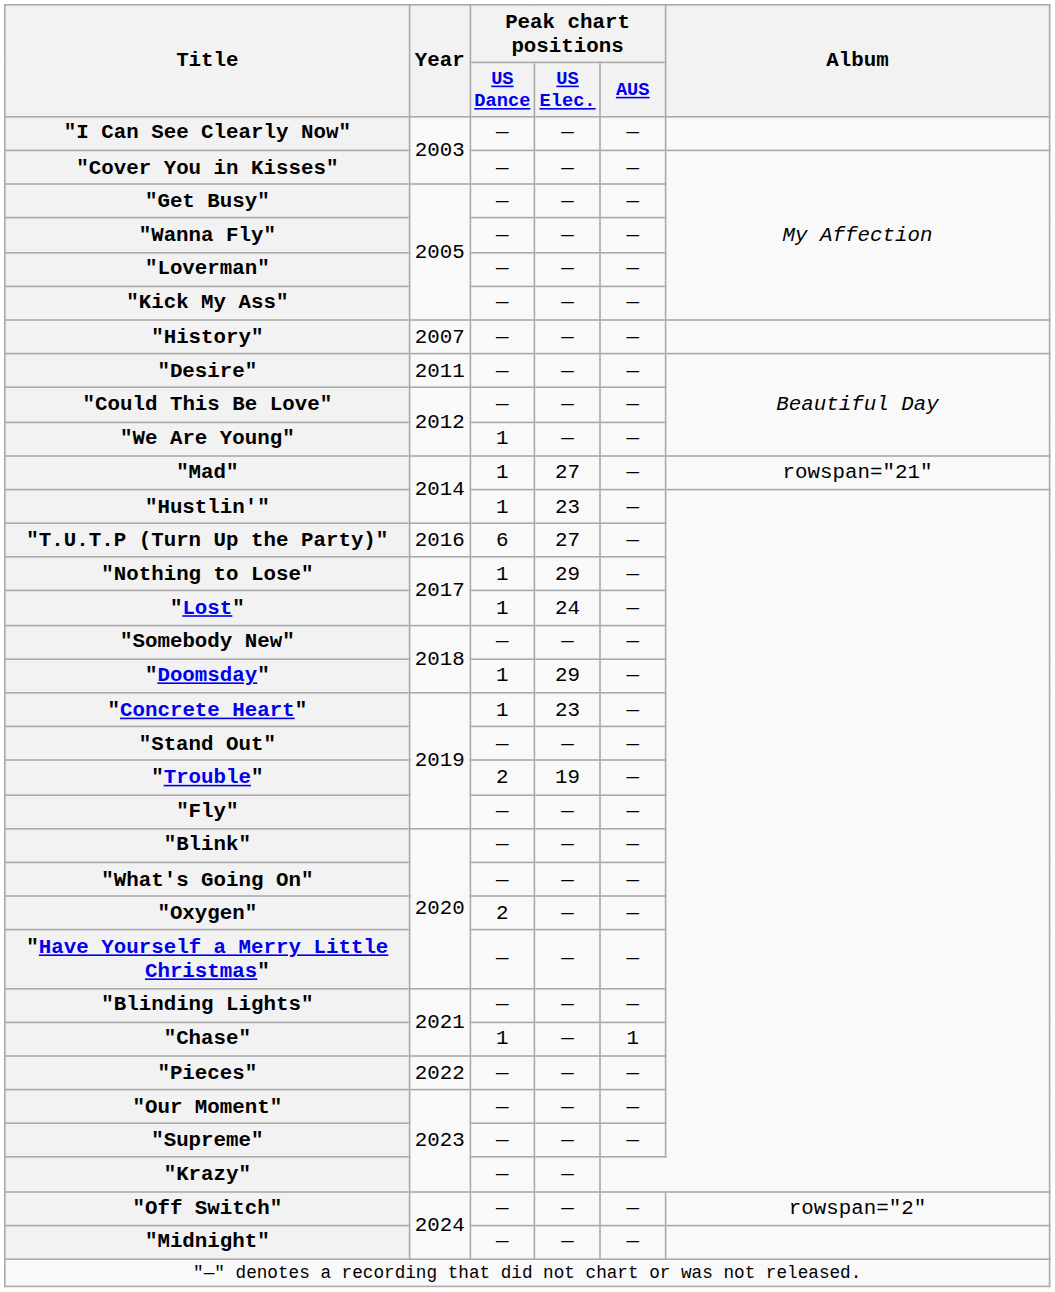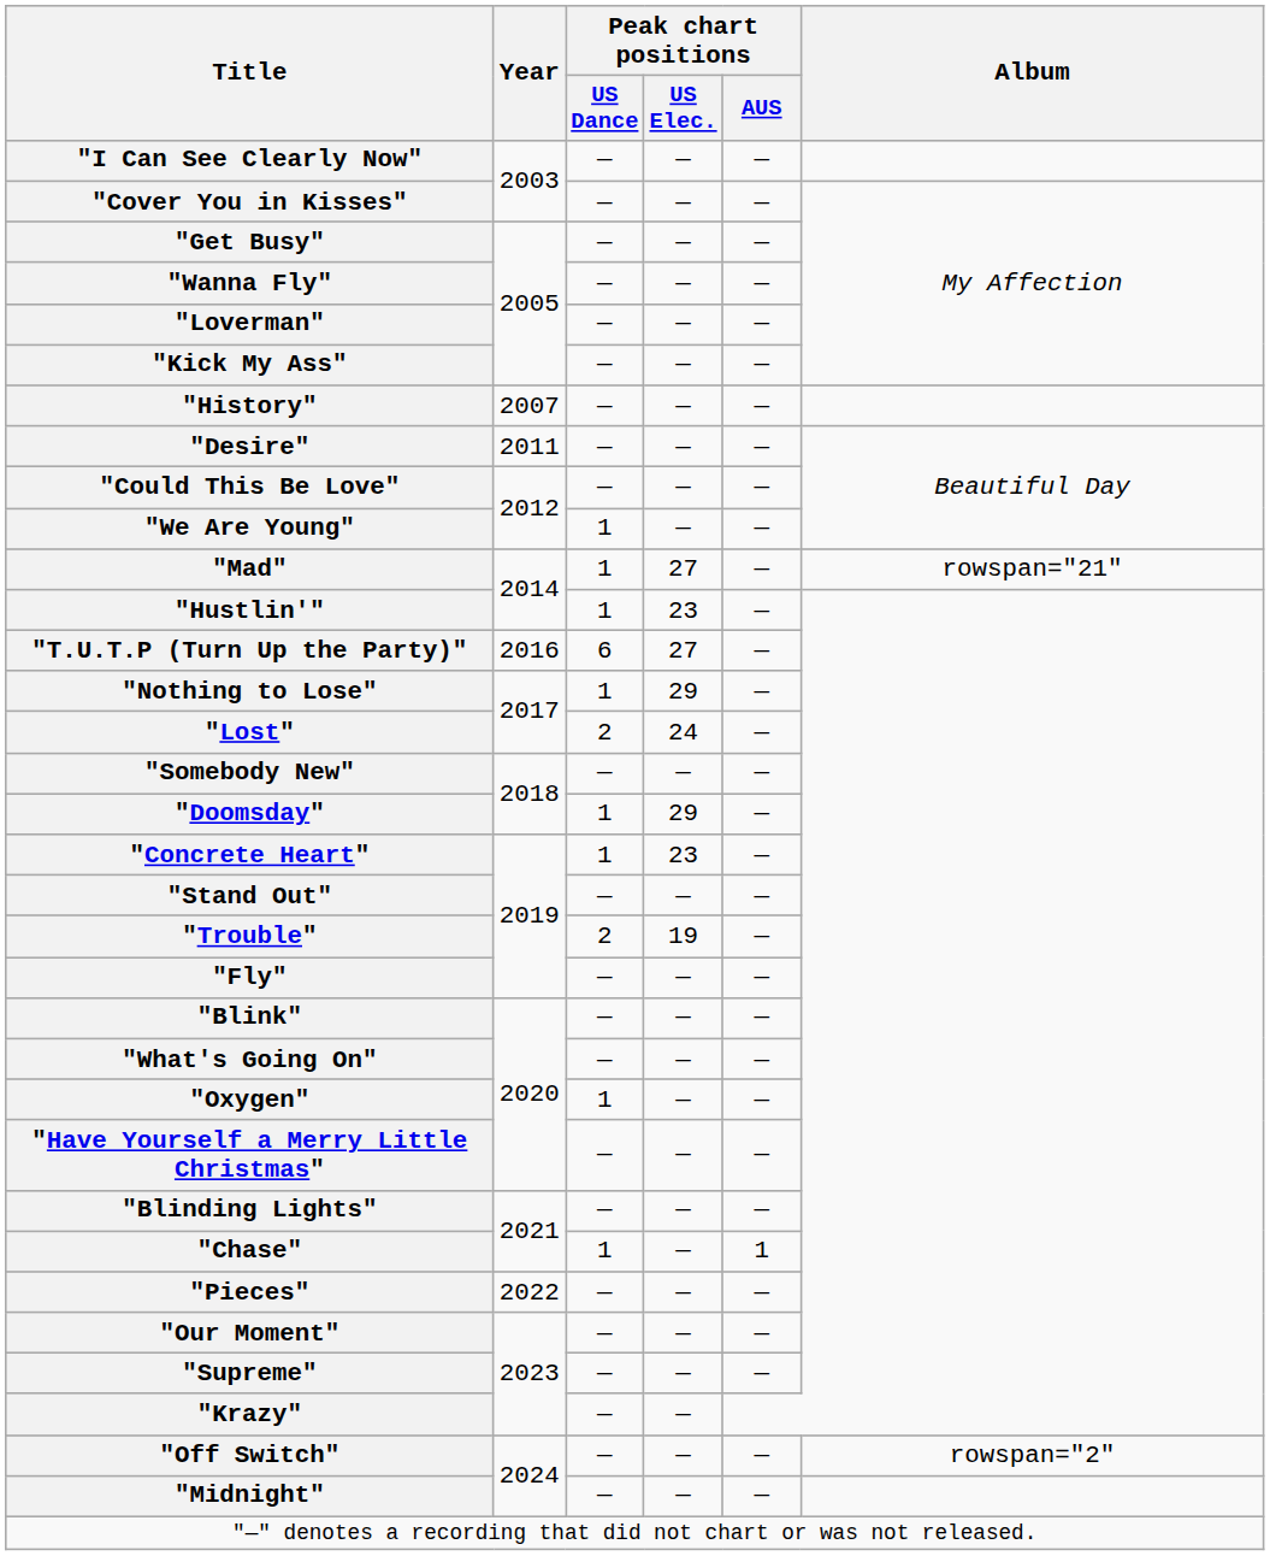 <table class="wikitable plainrowheaders" style="text-align:center;" border="1">
 <tr>
 <th scope="col" rowspan="2" style="width:19em;">Title</th>
 <th scope="col" rowspan="2">Year</th>
 <th colspan="3" scope="col">Peak chart positions</th>
 <th scope="col" rowspan="2" style="width:18em;">Album</th>
 </tr>
 <tr>
 <th scope="col" style="width:3em;font-size:90%;"><a href='#'>US<br>Dance</a><br></th>
 <th scope="col" style="width:3em;font-size:90%;"><a href='#'>US<br>Elec.</a><br></th>
 <th scope="col" style="width:3em;font-size:90%;"><a href='#'>AUS</a><br></th>
 </tr>
 <tr>
 <th scope="row">"I Can See Clearly Now"<br></th>
 <td rowspan="2">2003</td>
 <td>—</td>
 <td>—</td>
 <td>—</td>
 <td></td>
 </tr>
 <tr>
 <th scope="row">"Cover You in Kisses"</th>
 <td>—</td>
 <td>—</td>
 <td>—</td>
 <td rowspan="5"><em>My Affection</em></td>
 </tr>
 <tr>
 <th scope="row">"Get Busy"<br></th>
 <td rowspan="4">2005</td>
 <td>—</td>
 <td>—</td>
 <td>—</td>
 </tr>
 <tr>
 <th scope="row">"Wanna Fly"<br></th>
 <td>—</td>
 <td>—</td>
 <td>—</td>
 </tr>
 <tr>
 <th scope="row">"Loverman"</th>
 <td>—</td>
 <td>—</td>
 <td>—</td>
 </tr>
 <tr>
 <th scope="row">"Kick My Ass"</th>
 <td>—</td>
 <td>—</td>
 <td>—</td>
 </tr>
 <tr>
 <th scope="row">"History"</th>
 <td>2007</td>
 <td>—</td>
 <td>—</td>
 <td>—</td>
 <td></td>
 </tr>
 <tr>
 <th scope="row">"Desire"</th>
 <td>2011</td>
 <td>—</td>
 <td>—</td>
 <td>—</td>
 <td rowspan="3"><em>Beautiful Day</em></td>
 </tr>
 <tr>
 <th scope="row">"Could This Be Love"</th>
 <td rowspan="2">2012</td>
 <td>—</td>
 <td>—</td>
 <td>—</td>
 </tr>
 <tr>
 <th scope="row">"We Are Young"</th>
 <td>1</td>
 <td>—</td>
 <td>—</td>
 </tr>
 <tr>
 <th scope="row">"Mad"</th>
 <td rowspan="2">2014</td>
 <td>1</td>
 <td>27</td>
 <td>—</td>
 <td>rowspan="21" </td>
 </tr>
 <tr>
 <th scope="row">"Hustlin'"<br></th>
 <td>1</td>
 <td>23</td>
 <td>—</td>
 </tr>
 <tr>
 <th scope="row">"T.U.T.P (Turn Up the Party)"<br></th>
 <td>2016</td>
 <td>6</td>
 <td>27</td>
 <td>—</td>
 </tr>
 <tr>
 <th scope="row">"Nothing to Lose"</th>
 <td rowspan="2">2017</td>
 <td>1</td>
 <td>29</td>
 <td>—</td>
 </tr>
 <tr>
 <th scope="row">"<a href='#'>Lost</a>"<br></th>
-<td>1</td>
+<td>2</td>
 <td>24</td>
 <td>—</td>
 </tr>
 <tr>
 <th scope="row">"Somebody New"<br></th>
 <td rowspan="2">2018</td>
 <td>—</td>
 <td>—</td>
 <td>—</td>
 </tr>
 <tr>
 <th scope="row">"<a href='#'>Doomsday</a>"<br></th>
 <td>1</td>
 <td>29</td>
 <td>—</td>
 </tr>
 <tr>
 <th scope="row">"<a href='#'>Concrete Heart</a>"<br></th>
 <td rowspan="4">2019</td>
 <td>1</td>
 <td>23</td>
 <td>—</td>
 </tr>
 <tr>
 <th scope="row">"Stand Out"</th>
 <td>—</td>
 <td>—</td>
 <td>—</td>
 </tr>
 <tr>
 <th scope="row">"<a href='#'>Trouble</a>"</th>
 <td>2</td>
 <td>19</td>
 <td>—</td>
 </tr>
 <tr>
 <th scope="row">"Fly"</th>
 <td>—</td>
 <td>—</td>
 <td>—</td>
 </tr>
 <tr>
 <th scope="row">"Blink"</th>
 <td rowspan="4">2020</td>
 <td>—</td>
 <td>—</td>
 <td>—</td>
 </tr>
 <tr>
 <th scope="row">"What's Going On"</th>
 <td>—</td>
 <td>—</td>
 <td>—</td>
 </tr>
 <tr>
 <th scope="row">"Oxygen"<br></th>
-<td>2</td>
+<td>1</td>
 <td>—</td>
 <td>—</td>
 </tr>
 <tr>
 <th scope="row">"<a href='#'>Have Yourself a Merry Little Christmas</a>"</th>
 <td>—</td>
 <td>—</td>
 <td>—</td>
 </tr>
 <tr>
 <th scope="row">"Blinding Lights"</th>
 <td rowspan="2">2021</td>
 <td>—</td>
 <td>—</td>
 <td>—</td>
 </tr>
 <tr>
 <th scope="row">"Chase"<br></th>
 <td>1</td>
 <td>—</td>
 <td>1</td>
 </tr>
 <tr>
 <th scope="row">"Pieces"<br></th>
 <td>2022</td>
 <td>—</td>
 <td>—</td>
 <td>—</td>
 </tr>
 <tr>
 <th scope="row">"Our Moment"</th>
 <td rowspan="3">2023</td>
 <td>—</td>
 <td>—</td>
 <td>—</td>
 </tr>
 <tr>
 <th scope="row">"Supreme"</th>
 <td>—</td>
 <td>—</td>
 <td>—</td>
 </tr>
 <tr>
 <th scope="row">"Krazy"</th>
 <td>—</td>
 <td>—</td>
 </tr>
 <tr>
 <th scope="row">"Off Switch"</th>
 <td rowspan="2">2024</td>
 <td>—</td>
 <td>—</td>
 <td>—</td>
 <td>rowspan="2" </td>
 </tr>
 <tr>
 <th scope="row">"Midnight"</th>
 <td>—</td>
 <td>—</td>
 <td>—</td>
 </tr>
 <tr>
 <td colspan="6" style="font-size:85%">"—" denotes a recording that did not chart or was not released.</td>
 </tr>
 </table>
